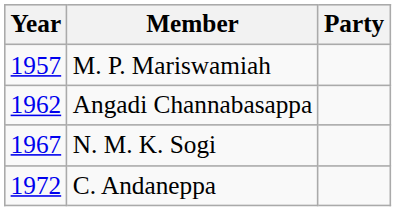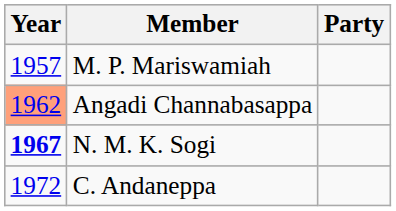 <table class="wikitable sortable">
 <tr>
 <th>Year</th>
 <th>Member</th>
 <th colspan="2">Party</th>
 </tr>
 <tr>
 <td><a href='#'>1957</a></td>
 <td>M. P. Mariswamiah</td>
 <td></td>
 </tr>
 <tr>
-<td><a href='#'>1962</a></td>
+<td style="background: lightsalmon;"><a href='#'>1962</a></td>
 <td>Angadi Channabasappa</td>
 <td></td>
 </tr>
 <tr>
-<td><a href='#'>1967</a></td>
+<td><strong><a href='#'>1967</a></strong></td>
 <td>N. M. K. Sogi</td>
 <td></td>
 </tr>
 <tr>
 <td><a href='#'>1972</a></td>
 <td>C. Andaneppa</td>
 </tr>
 </table>
